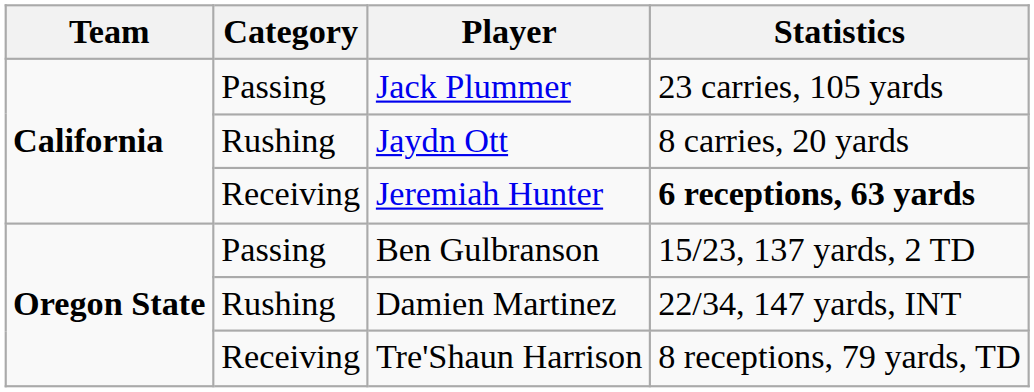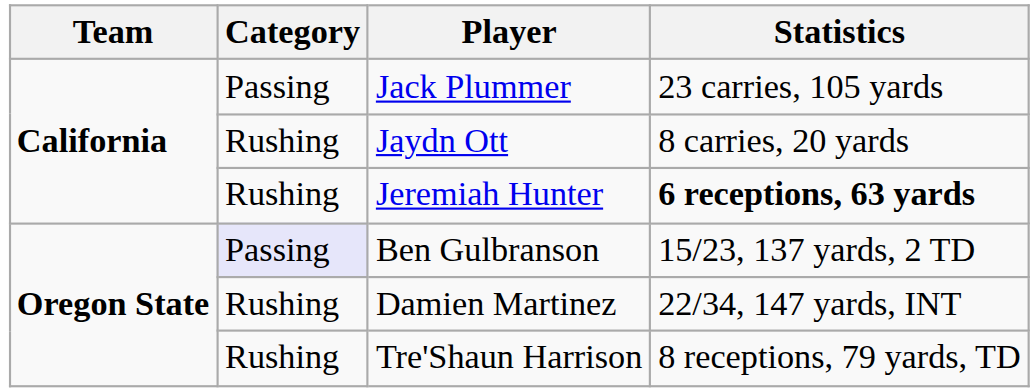 <table class="wikitable" style="float: right;">
 <tr>
 <th>Team</th>
 <th>Category</th>
 <th>Player</th>
 <th>Statistics</th>
 </tr>
 <tr>
 <td rowspan=3><strong>California</strong></td>
 <td>Passing</td>
 <td><a href='#'>Jack Plummer</a></td>
 <td>23 carries, 105 yards</td>
 </tr>
 <tr>
 <td>Rushing</td>
 <td><a href='#'>Jaydn Ott</a></td>
 <td>8 carries, 20 yards</td>
 </tr>
 <tr>
-<td>Receiving</td>
+<td>Rushing</td>
 <td><a href='#'>Jeremiah Hunter</a></td>
 <td><strong>6 receptions, 63 yards</strong></td>
 </tr>
 <tr>
 <td rowspan=3><strong>Oregon State</strong></td>
-<td>Passing</td>
+<td style="background: lavender;">Passing</td>
 <td>Ben Gulbranson</td>
 <td>15/23, 137 yards, 2 TD</td>
 </tr>
 <tr>
 <td>Rushing</td>
 <td>Damien Martinez</td>
 <td>22/34, 147 yards, INT</td>
 </tr>
 <tr>
-<td>Receiving</td>
+<td>Rushing</td>
 <td>Tre'Shaun Harrison</td>
 <td>8 receptions, 79 yards, TD</td>
 </tr>
 </table>
